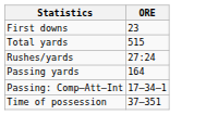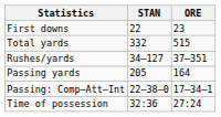 <table class="wikitable" style="float: left;">
 <tr>
 <th>Statistics</th>
+<th>STAN</th>
 <th>ORE</th>
 </tr>
 <tr>
 <td>First downs</td>
+<td>22</td>
 <td>23</td>
 </tr>
 <tr>
 <td>Total yards</td>
+<td>332</td>
 <td>515</td>
 </tr>
 <tr>
 <td>Rushes/yards</td>
-<td>27:24</td>
+<td>34–127</td>
+<td>37–351</td>
 </tr>
 <tr>
 <td>Passing yards</td>
+<td>205</td>
 <td>164</td>
 </tr>
 <tr>
 <td>Passing: Comp–Att–Int</td>
+<td>22–38–0</td>
 <td>17–34–1</td>
 </tr>
 <tr>
 <td>Time of possession</td>
-<td>37–351</td>
+<td>32:36</td>
+<td>27:24</td>
 </tr>
 </table>
